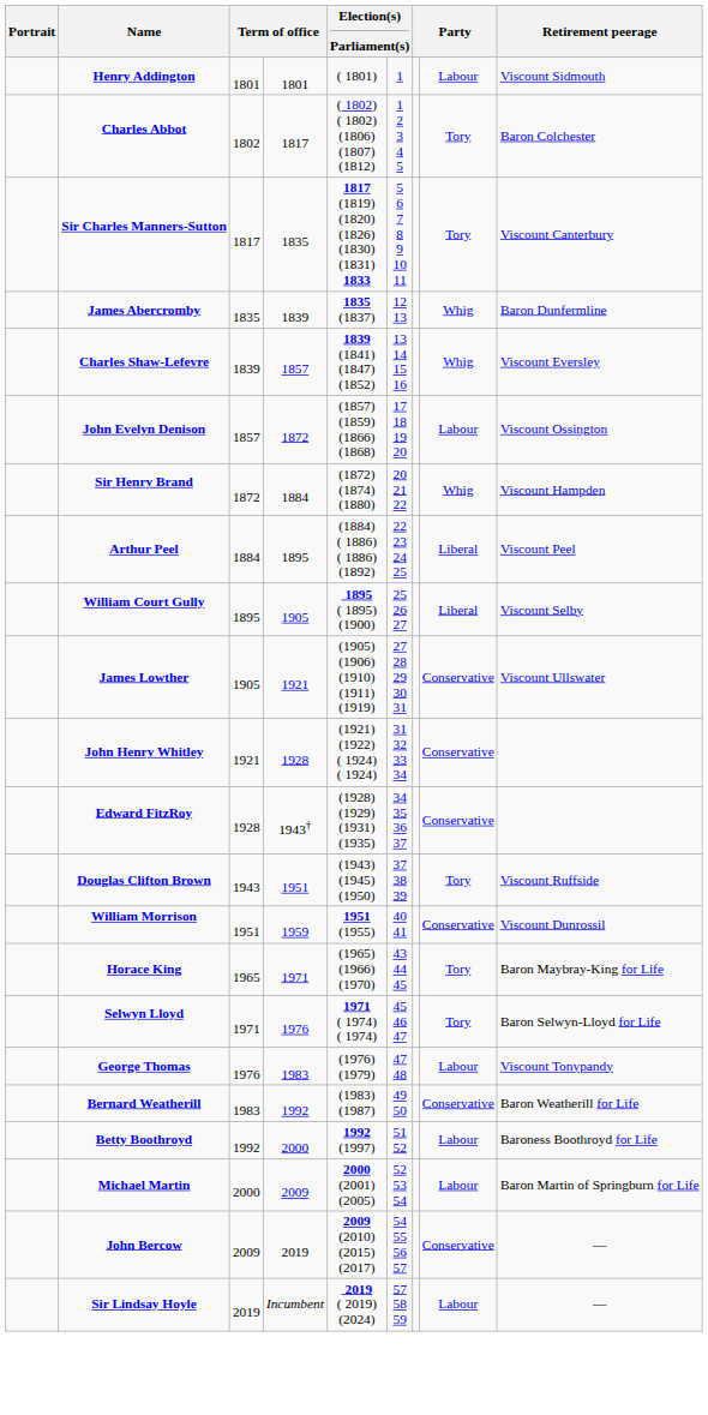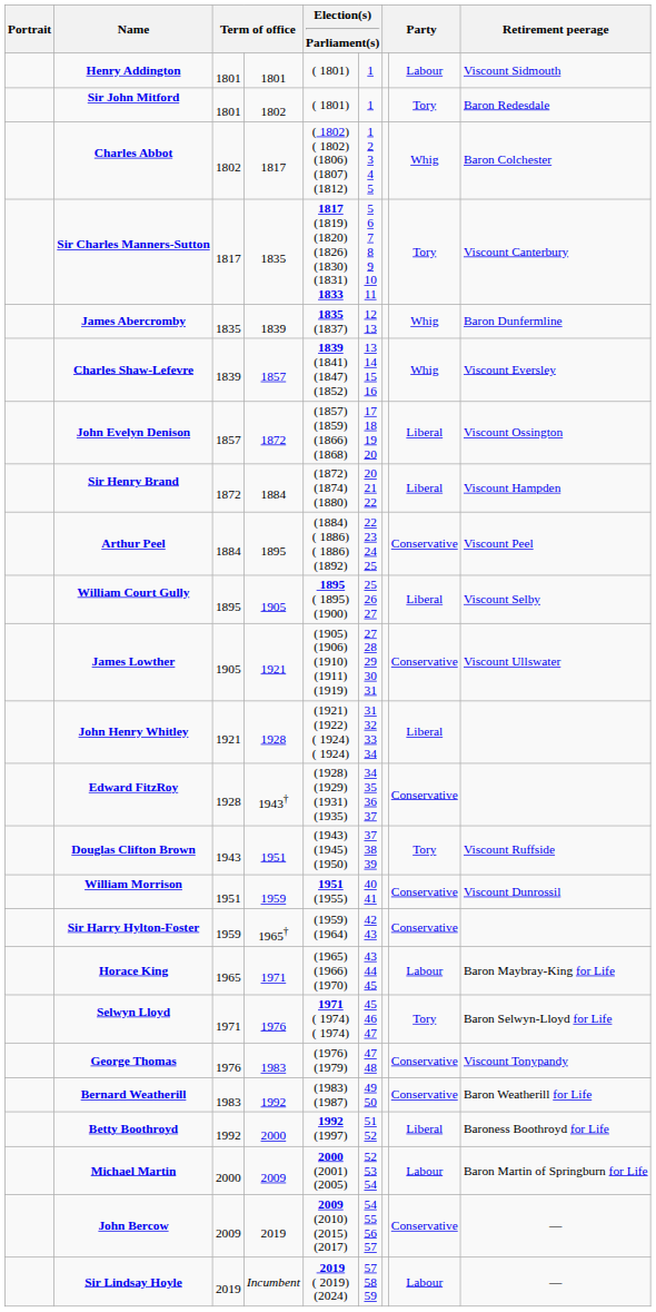 <table class="wikitable plainrowheaders" style="text-align:Center;">
 <tr>
 <th>Portrait</th>
 <th>Name<br></th>
 <th colspan=2>Term of office<br></th>
 <th colspan=2>Election(s)<br><hr>Parliament(s)</th>
 <th colspan=2>Party</th>
 <th>Retirement peerage</th>
 </tr>
 <tr>
 <td></td>
 <td><a href='#'><strong>Henry Addington</strong></a><br></td>
 <td><br>1801</td>
 <td><br>1801</td>
 <td>( 1801)</td>
 <td><a href='#'>1</a></td>
 <td style="background-color: "></td>
 <td><a href='#'>Labour</a></td>
 <td align=left><a href='#'>Viscount Sidmouth</a></td>
 </tr>
 <tr>
 <td></td>
+<td><a href='#'><strong>Sir John Mitford</strong></a><br><br></td>
+<td><br>1801</td>
+<td><br>1802</td>
+<td>( 1801)</td>
+<td><a href='#'>1</a></td>
+<td style="background-color: "></td>
+<td><a href='#'>Tory</a></td>
+<td align=left><a href='#'>Baron Redesdale</a></td>
+</tr>
+<tr>
+<td></td>
 <td><strong><a href='#'>Charles Abbot</a></strong><br><br></td>
 <td><br>1802</td>
 <td><br>1817</td>
 <td>(<a href='#'> 1802</a>)<br>( 1802)<br>(1806)<br>(1807)<br>(1812)</td>
 <td><a href='#'>1</a><br><a href='#'>2</a><br><a href='#'>3</a><br><a href='#'>4</a><br><a href='#'>5</a></td>
 <td style="background-color: "></td>
-<td><a href='#'>Tory</a></td>
+<td><a href='#'>Whig</a></td>
 <td align=left><a href='#'>Baron Colchester</a></td>
 </tr>
 <tr>
 <td></td>
 <td><a href='#'><strong>Sir Charles Manners-Sutton</strong></a><br><br></td>
 <td><br>1817</td>
 <td><br>1835</td>
 <td><strong><a href='#'>1817</a></strong><br>(1819)<br>(1820)<br>(1826)<br>(1830)<br>(1831)<br><strong><a href='#'>1833</a></strong></td>
 <td><a href='#'>5</a><br><a href='#'>6</a><br><a href='#'>7</a><br><a href='#'>8</a><br><a href='#'>9</a><br><a href='#'>10</a><br><a href='#'>11</a></td>
 <td style="background-color: "></td>
 <td><a href='#'>Tory</a></td>
 <td align=left><a href='#'>Viscount Canterbury</a></td>
 </tr>
 <tr>
 <td></td>
 <td><strong><a href='#'>James Abercromby</a></strong><br></td>
 <td><br>1835</td>
 <td><br>1839</td>
 <td><strong><a href='#'>1835</a></strong><br>(1837)</td>
 <td><a href='#'>12</a><br><a href='#'>13</a></td>
 <td style="background-color: "></td>
 <td><a href='#'>Whig</a></td>
 <td align=left><a href='#'>Baron Dunfermline</a></td>
 </tr>
 <tr>
 <td></td>
 <td><strong><a href='#'>Charles Shaw-Lefevre</a></strong><br></td>
 <td><br>1839</td>
 <td><a href='#'><br>1857</a></td>
 <td><strong><a href='#'>1839</a></strong><br>(1841)<br>(1847)<br>(1852)</td>
 <td><a href='#'>13</a><br><a href='#'>14</a><br><a href='#'>15</a><br><a href='#'>16</a></td>
 <td style="background-color: "></td>
 <td><a href='#'>Whig</a></td>
 <td align=left><a href='#'>Viscount Eversley</a></td>
 </tr>
 <tr>
 <td></td>
 <td><strong><a href='#'>John Evelyn Denison</a></strong><br></td>
 <td><br>1857</td>
 <td><a href='#'><br>1872</a></td>
 <td>(1857)<br>(1859)<br>(1866)<br>(1868)</td>
 <td><a href='#'>17</a><br><a href='#'>18</a><br><a href='#'>19</a><br><a href='#'>20</a></td>
 <td style="background-color: "></td>
-<td><a href='#'>Labour</a></td>
+<td><a href='#'>Liberal</a></td>
 <td align=left><a href='#'>Viscount Ossington</a></td>
 </tr>
 <tr>
 <td></td>
 <td><a href='#'><strong>Sir Henry Brand</strong></a><br><br></td>
 <td><br>1872</td>
 <td><br>1884</td>
 <td>(1872)<br>(1874)<br>(1880)</td>
 <td><a href='#'>20</a><br><a href='#'>21</a><br><a href='#'>22</a></td>
 <td style="background-color: "></td>
-<td><a href='#'>Whig</a></td>
+<td><a href='#'>Liberal</a></td>
 <td align=left><a href='#'>Viscount Hampden</a></td>
 </tr>
 <tr>
 <td></td>
 <td><strong><a href='#'>Arthur Peel</a></strong><br></td>
 <td><br>1884</td>
 <td><br>1895</td>
 <td>(1884)<br>( 1886)<br>( 1886)<br>(1892)</td>
 <td><a href='#'>22</a><br><a href='#'>23</a><br><a href='#'>24</a><br><a href='#'>25</a></td>
 <td style="background-color: "></td>
-<td><a href='#'>Liberal</a></td>
+<td><a href='#'>Conservative</a></td>
 <td align=left><a href='#'>Viscount Peel</a></td>
 </tr>
 <tr>
 <td></td>
 <td><strong><a href='#'>William Court Gully</a></strong><br><br></td>
 <td><br>1895</td>
 <td><a href='#'><br>1905</a></td>
 <td><strong><a href='#'> 1895</a></strong><br>( 1895)<br>(1900)</td>
 <td><a href='#'>25</a><br><a href='#'>26</a><br><a href='#'>27</a></td>
 <td style="background-color: "></td>
 <td><a href='#'>Liberal</a></td>
 <td align=left><a href='#'>Viscount Selby</a></td>
 </tr>
 <tr>
 <td></td>
 <td><strong><a href='#'>James Lowther</a></strong><br></td>
 <td><br>1905</td>
 <td><a href='#'><br>1921</a></td>
 <td>(1905)<br>(1906)<br>(1910)<br>(1911)<br>(1919)</td>
 <td><a href='#'>27</a><br><a href='#'>28</a><br><a href='#'>29</a><br><a href='#'>30</a><br><a href='#'>31</a></td>
 <td style="background-color: "></td>
 <td><a href='#'>Conservative</a></td>
 <td align=left><a href='#'>Viscount Ullswater</a></td>
 </tr>
 <tr>
 <td></td>
 <td><strong><a href='#'>John Henry Whitley</a></strong><br></td>
 <td><br>1921</td>
 <td><a href='#'><br>1928</a></td>
 <td>(1921)<br>(1922)<br>( 1924)<br>( 1924)</td>
 <td><a href='#'>31</a><br><a href='#'>32</a><br><a href='#'>33</a><br><a href='#'>34</a></td>
 <td style="background-color: "></td>
-<td><a href='#'>Conservative</a></td>
+<td><a href='#'>Liberal</a><br></td>
 <td></td>
 </tr>
 <tr>
 <td></td>
 <td><strong><a href='#'>Edward FitzRoy</a></strong><br><br></td>
 <td><br>1928</td>
 <td><br>1943<sup>†</sup></td>
 <td>(1928)<br>(1929)<br>(1931)<br>(1935)</td>
 <td><a href='#'>34</a><br><a href='#'>35</a><br><a href='#'>36</a><br><a href='#'>37</a></td>
 <td style="background-color: "></td>
 <td><a href='#'>Conservative</a></td>
 <td></td>
 </tr>
 <tr>
 <td></td>
 <td><strong><a href='#'>Douglas Clifton Brown</a></strong><br></td>
 <td><br>1943</td>
 <td><a href='#'><br>1951</a></td>
 <td>(1943)<br>(1945)<br>(1950)</td>
 <td><a href='#'>37</a><br><a href='#'>38</a><br><a href='#'>39</a></td>
 <td style="background-color: "></td>
 <td><a href='#'>Tory</a></td>
 <td align=left><a href='#'>Viscount Ruffside</a></td>
 </tr>
 <tr>
 <td></td>
 <td><strong><a href='#'>William Morrison</a></strong><br><br></td>
 <td><br>1951</td>
 <td><a href='#'><br>1959</a></td>
 <td><strong><a href='#'>1951</a></strong><br>(1955)</td>
 <td><a href='#'>40</a><br><a href='#'>41</a></td>
 <td style="background-color: "></td>
 <td><a href='#'>Conservative</a></td>
 <td align=left><a href='#'>Viscount Dunrossil</a></td>
 </tr>
 <tr>
 <td></td>
+<td><a href='#'><strong>Sir Harry Hylton-Foster</strong></a><br></td>
+<td><br>1959</td>
+<td><br>1965<sup>†</sup></td>
+<td>(1959)<br>(1964)</td>
+<td><a href='#'>42</a><br><a href='#'>43</a></td>
+<td style="background-color: "></td>
+<td><a href='#'>Conservative</a></td>
+<td></td>
+</tr>
+<tr>
+<td></td>
 <td><strong><a href='#'>Horace King</a></strong><br></td>
 <td><br>1965</td>
 <td><a href='#'><br>1971</a></td>
 <td>(1965)<br>(1966)<br>(1970)</td>
 <td><a href='#'>43</a><br><a href='#'>44</a><br><a href='#'>45</a></td>
 <td style="background-color: "></td>
-<td><a href='#'>Tory</a></td>
+<td><a href='#'>Labour</a></td>
 <td align=left>Baron Maybray-King <a href='#'>for Life</a></td>
 </tr>
 <tr>
 <td></td>
 <td><strong><a href='#'>Selwyn Lloyd</a></strong><br><br></td>
 <td><br>1971</td>
 <td><a href='#'><br>1976</a></td>
 <td><strong><a href='#'>1971</a></strong><br>( 1974)<br>( 1974)</td>
 <td><a href='#'>45</a><br><a href='#'>46</a><br><a href='#'>47</a></td>
 <td style="background-color: "></td>
 <td><a href='#'>Tory</a></td>
 <td align=left>Baron Selwyn-Lloyd <a href='#'>for Life</a></td>
 </tr>
 <tr>
 <td></td>
 <td><strong><a href='#'>George Thomas</a></strong><br></td>
 <td><br>1976</td>
 <td><a href='#'><br>1983</a></td>
 <td>(1976)<br>(1979)</td>
 <td><a href='#'>47</a><br><a href='#'>48</a></td>
 <td style="background-color: "></td>
-<td><a href='#'>Labour</a></td>
+<td><a href='#'>Conservative</a></td>
 <td align=left><a href='#'>Viscount Tonypandy</a></td>
 </tr>
 <tr>
 <td></td>
 <td><strong><a href='#'>Bernard Weatherill</a></strong><br></td>
 <td><br>1983</td>
 <td><a href='#'><br>1992</a></td>
 <td>(1983)<br>(1987)</td>
 <td><a href='#'>49</a><br><a href='#'>50</a></td>
 <td style="background-color: "></td>
 <td><a href='#'>Conservative</a></td>
 <td align=left>Baron Weatherill <a href='#'>for Life</a></td>
 </tr>
 <tr>
 <td></td>
 <td><strong><a href='#'>Betty Boothroyd</a></strong><br></td>
 <td><br>1992</td>
 <td><a href='#'><br>2000</a></td>
 <td><strong><a href='#'>1992</a></strong><br>(1997)</td>
 <td><a href='#'>51</a><br><a href='#'>52</a></td>
 <td style="background-color: "></td>
-<td><a href='#'>Labour</a></td>
+<td><a href='#'>Liberal</a><br></td>
 <td align=left>Baroness Boothroyd <a href='#'>for Life</a></td>
 </tr>
 <tr>
 <td></td>
 <td><strong><a href='#'>Michael Martin</a></strong><br></td>
 <td><br>2000</td>
 <td><a href='#'><br>2009</a></td>
 <td><strong><a href='#'>2000</a></strong><br>(2001)<br>(2005)</td>
 <td><a href='#'>52</a><br><a href='#'>53</a><br><a href='#'>54</a></td>
 <td style="background-color: "></td>
 <td><a href='#'>Labour</a></td>
 <td align=left>Baron Martin of Springburn <a href='#'>for Life</a></td>
 </tr>
 <tr>
 <td></td>
 <td><strong><a href='#'>John Bercow</a></strong><br></td>
 <td><br>2009</td>
 <td><br>2019</td>
 <td><strong><a href='#'>2009</a></strong><br>(2010)<br>(2015)<br>(2017)</td>
 <td><a href='#'>54</a><br><a href='#'>55</a><br><a href='#'>56</a><br><a href='#'>57</a></td>
 <td style="background-color: "></td>
 <td><a href='#'>Conservative</a></td>
 <td>—</td>
 </tr>
 <tr>
 <td></td>
 <td><a href='#'><strong>Sir Lindsay Hoyle</strong></a><br></td>
 <td><br>2019</td>
 <td><em>Incumbent</em></td>
 <td><strong><a href='#'> 2019</a></strong><br>( 2019)<br>(2024)</td>
 <td><a href='#'>57</a><br><a href='#'>58</a><br><a href='#'>59</a></td>
 <td style="background-color: "></td>
 <td><a href='#'>Labour</a></td>
 <td>—</td>
 </tr>
 </table>
